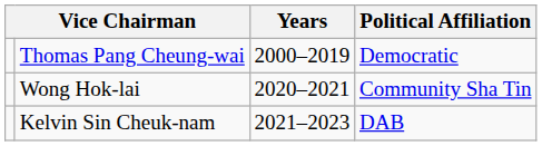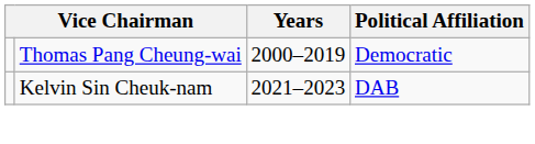 <table class="wikitable">
 <tr>
 <th colspan=2>Vice Chairman</th>
 <th>Years</th>
 <th>Political Affiliation</th>
 </tr>
 <tr>
 <td style="color:inherit;background: "></td>
 <td><a href='#'>Thomas Pang Cheung-wai</a></td>
 <td>2000–2019</td>
 <td><a href='#'>Democratic</a></td>
 </tr>
 <tr>
 <td style="color:inherit;background: "></td>
-<td>Wong Hok-lai</td>
-<td>2020–2021</td>
-<td><a href='#'>Community Sha Tin</a></td>
-</tr>
-<tr>
-<td style="color:inherit;background: "></td>
 <td>Kelvin Sin Cheuk-nam</td>
 <td>2021–2023</td>
 <td><a href='#'>DAB</a></td>
 </tr>
 </table>
